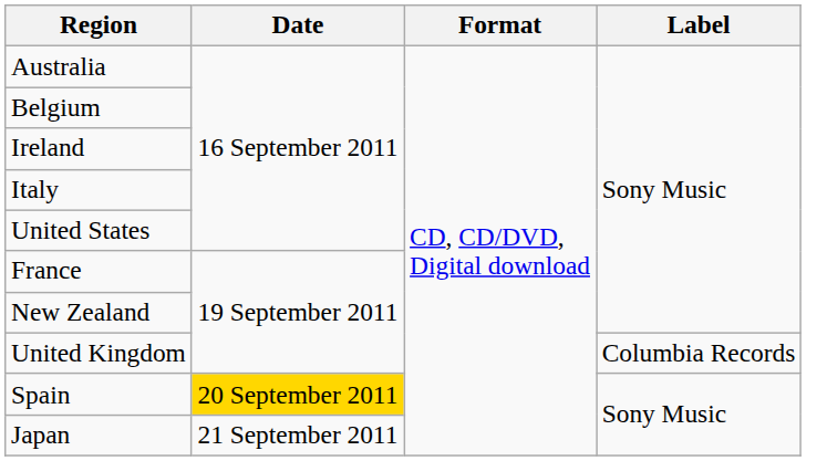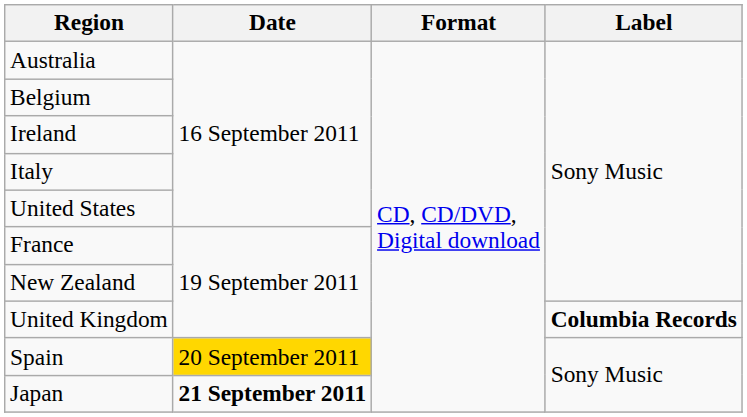 <table class="wikitable">
 <tr>
 <th scope="col">Region</th>
 <th scope="col">Date</th>
 <th scope="col">Format</th>
 <th scope="col">Label</th>
 </tr>
 <tr>
 <td>Australia</td>
 <td rowspan="5">16 September 2011</td>
 <td rowspan="10"><a href='#'>CD</a>, <a href='#'>CD/DVD</a>,<br><a href='#'>Digital download</a></td>
 <td rowspan="7">Sony Music</td>
 </tr>
 <tr>
 <td>Belgium</td>
 </tr>
 <tr>
 <td>Ireland</td>
 </tr>
 <tr>
 <td>Italy</td>
 </tr>
 <tr>
 <td>United States</td>
 </tr>
 <tr>
 <td>France</td>
 <td rowspan="3">19 September 2011</td>
 </tr>
 <tr>
 <td>New Zealand</td>
 </tr>
 <tr>
 <td>United Kingdom</td>
-<td>Columbia Records</td>
+<td><strong>Columbia Records</strong></td>
 </tr>
 <tr>
 <td>Spain</td>
 <td style="background: gold;">20 September 2011</td>
 <td rowspan="2">Sony Music</td>
 </tr>
 <tr>
 <td>Japan</td>
-<td>21 September 2011</td>
+<td><strong>21 September 2011</strong></td>
 </tr>
 </table>
